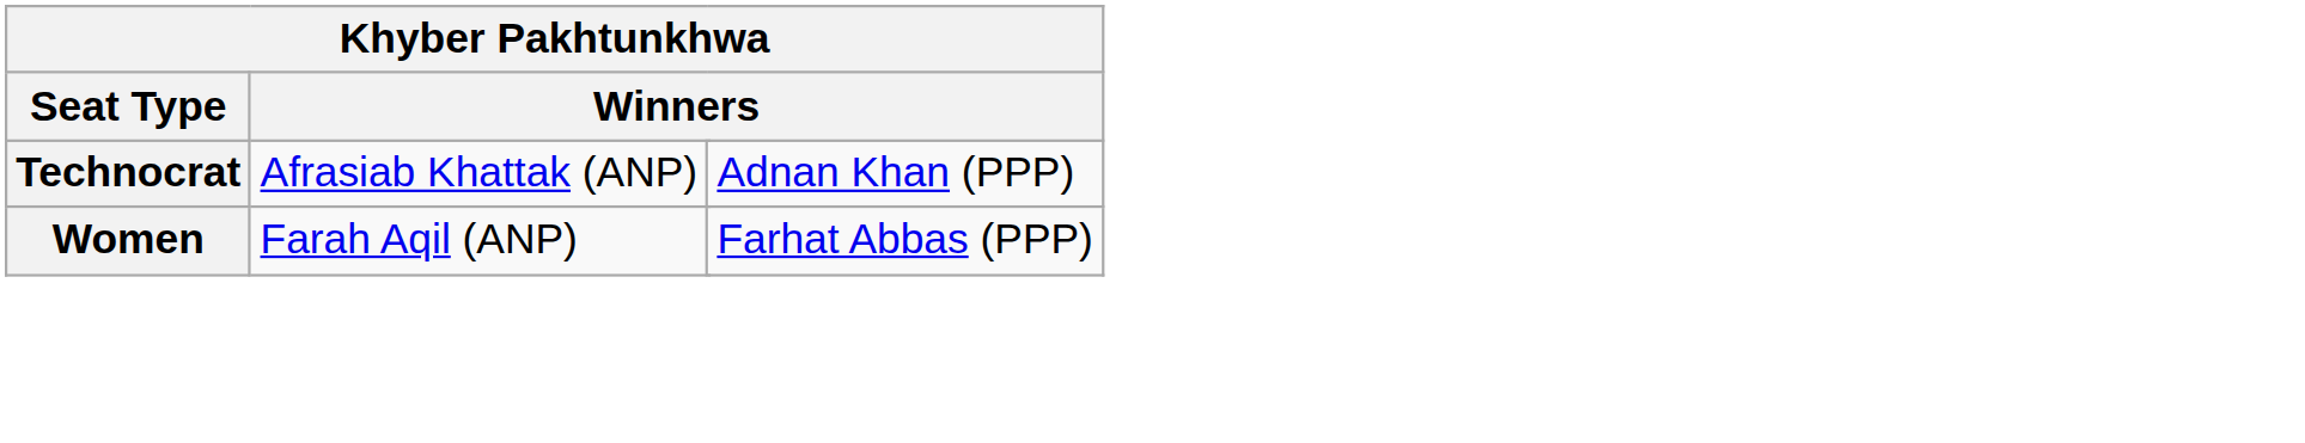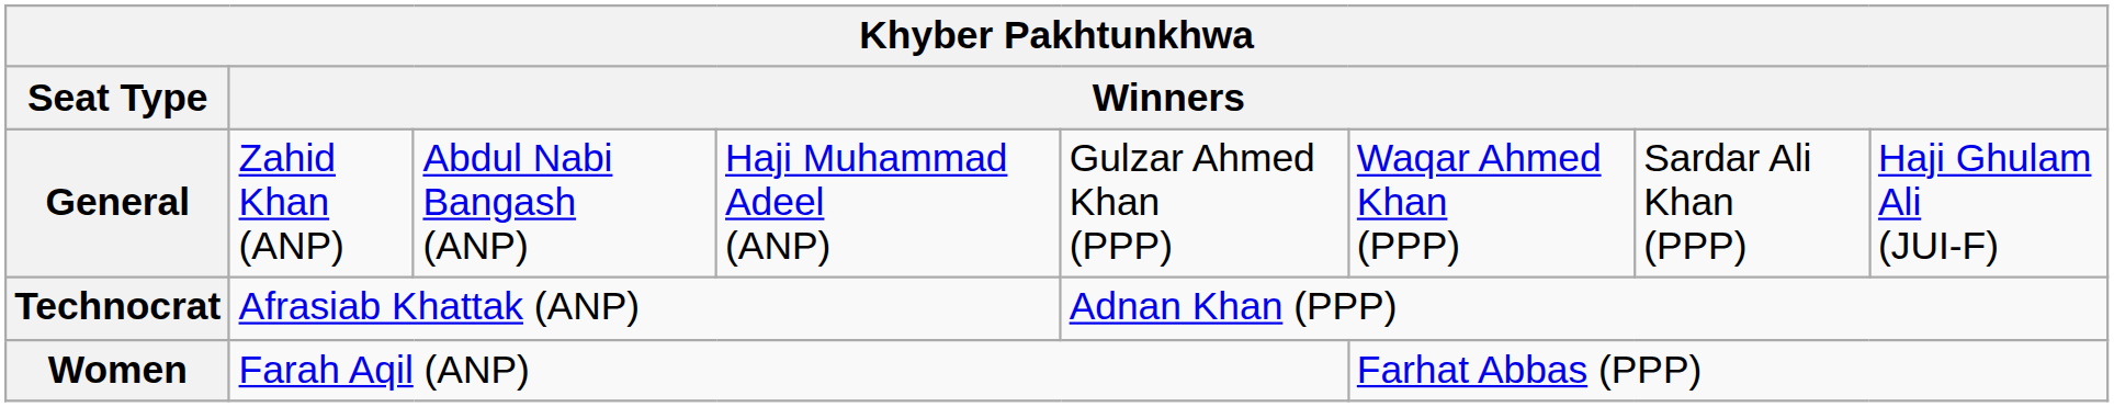 <table class="wikitable">
 <tr>
 <th colspan="8">Khyber Pakhtunkhwa</th>
 </tr>
 <tr>
 <th>Seat Type</th>
 <th colspan="7">Winners</th>
+</tr>
+<tr>
+<th>General</th>
+<td style="background:"><a href='#'>Zahid Khan</a><br>(ANP)</td>
+<td style="background:"><a href='#'>Abdul Nabi Bangash</a><br>(ANP)</td>
+<td style="background:"><a href='#'>Haji Muhammad Adeel</a><br>(ANP)</td>
+<td style="background:">Gulzar Ahmed Khan<br>(PPP)</td>
+<td style="background:"><a href='#'>Waqar Ahmed Khan</a><br>(PPP)</td>
+<td style="background:">Sardar Ali Khan<br>(PPP)</td>
+<td style="background:"><a href='#'>Haji Ghulam Ali</a><br>(JUI-F)</td>
 </tr>
 <tr>
 <th>Technocrat</th>
 <td colspan="3" style="background:"><a href='#'>Afrasiab Khattak</a> (ANP)</td>
 <td colspan="4" style="background:"><a href='#'>Adnan Khan</a> (PPP)</td>
 </tr>
 <tr>
 <th>Women</th>
 <td colspan="4" style="background:"><a href='#'>Farah Aqil</a> (ANP)</td>
 <td colspan="3" style="background:"><a href='#'>Farhat Abbas</a> (PPP)</td>
 </tr>
 </table>
